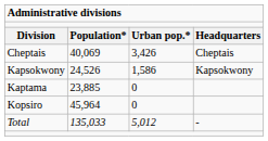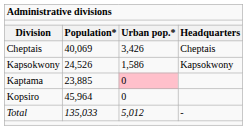 <table class="wikitable">
 <tr>
 <td colspan="4"><strong>Administrative divisions</strong></td>
 </tr>
 <tr>
 <td colspan="4"></td>
 </tr>
 <tr>
 <th>Division</th>
 <th>Population*</th>
 <th>Urban pop.*</th>
 <th>Headquarters</th>
 </tr>
 <tr>
 <td>Cheptais</td>
 <td>40,069</td>
 <td>3,426</td>
 <td>Cheptais</td>
 </tr>
 <tr>
 <td>Kapsokwony</td>
 <td>24,526</td>
 <td>1,586</td>
 <td>Kapsokwony</td>
 </tr>
 <tr>
 <td>Kaptama</td>
 <td>23,885</td>
-<td>0</td>
+<td style="background: pink;">0</td>
 <td></td>
 </tr>
 <tr>
 <td>Kopsiro</td>
 <td>45,964</td>
 <td>0</td>
 <td></td>
 </tr>
 <tr>
 <td><em>Total</em></td>
 <td><em>135,033</em></td>
 <td><em>5,012</em></td>
 <td>-</td>
 </tr>
 <tr>
 <td colspan="4"></td>
 </tr>
 </table>
